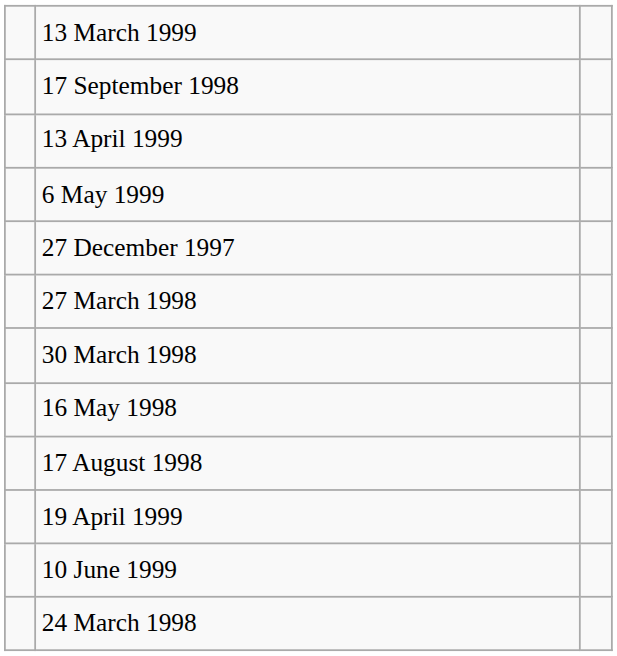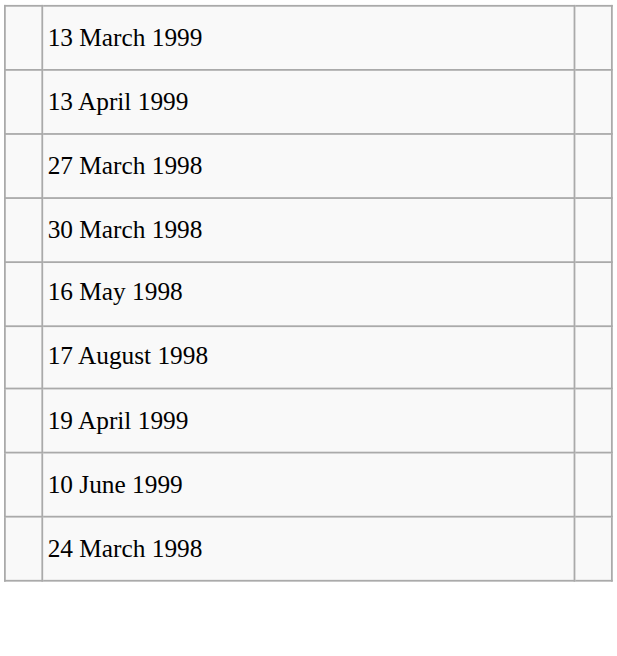 <table class="wikitable" style="font-size: 89%; float: left; width: 24em; margin-right: 1em; line-height: 1.65em !important; height: 324px;">
 <tr>
 <td></td>
 <td>13 March 1999</td>
 <td></td>
 </tr>
 <tr>
 <td></td>
-<td>17 September 1998</td>
-<td></td>
-</tr>
-<tr>
-<td></td>
 <td>13 April 1999</td>
-<td></td>
-</tr>
-<tr>
-<td></td>
-<td>6 May 1999</td>
-<td></td>
-</tr>
-<tr>
-<td></td>
-<td>27 December 1997</td>
 <td></td>
 </tr>
 <tr>
 <td></td>
 <td>27 March 1998</td>
 <td></td>
 </tr>
 <tr>
 <td></td>
 <td>30 March 1998</td>
 <td></td>
 </tr>
 <tr>
 <td></td>
 <td>16 May 1998</td>
 <td></td>
 </tr>
 <tr>
 <td></td>
 <td>17 August 1998</td>
 <td></td>
 </tr>
 <tr>
 <td></td>
 <td>19 April 1999</td>
 <td></td>
 </tr>
 <tr>
 <td></td>
 <td>10 June 1999</td>
 <td></td>
 </tr>
 <tr>
 <td></td>
 <td>24 March 1998</td>
 <td></td>
 </tr>
 </table>
